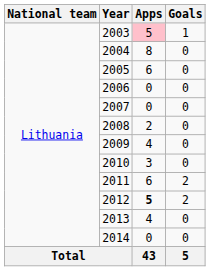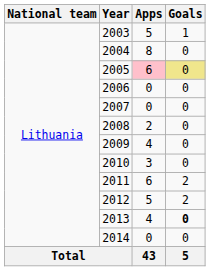 <table class="wikitable" style="text-align:center">
 <tr>
 <th>National team</th>
 <th>Year</th>
 <th>Apps</th>
 <th>Goals</th>
 </tr>
 <tr>
 <td rowspan="12"><a href='#'>Lithuania</a></td>
 <td>2003</td>
-<td style="background: pink;">5</td>
+<td>5</td>
 <td>1</td>
 </tr>
 <tr>
 <td>2004</td>
 <td>8</td>
 <td>0</td>
 </tr>
 <tr>
 <td>2005</td>
-<td>6</td>
-<td>0</td>
+<td style="background: pink;">6</td>
+<td style="background: khaki;">0</td>
 </tr>
 <tr>
 <td>2006</td>
 <td>0</td>
 <td>0</td>
 </tr>
 <tr>
 <td>2007</td>
 <td>0</td>
 <td>0</td>
 </tr>
 <tr>
 <td>2008</td>
 <td>2</td>
 <td>0</td>
 </tr>
 <tr>
 <td>2009</td>
 <td>4</td>
 <td>0</td>
 </tr>
 <tr>
 <td>2010</td>
 <td>3</td>
 <td>0</td>
 </tr>
 <tr>
 <td>2011</td>
 <td>6</td>
 <td>2</td>
 </tr>
 <tr>
 <td>2012</td>
-<td><strong>5</strong></td>
+<td>5</td>
 <td>2</td>
 </tr>
 <tr>
 <td>2013</td>
 <td>4</td>
-<td>0</td>
+<td><strong>0</strong></td>
 </tr>
 <tr>
 <td>2014</td>
 <td>0</td>
 <td>0</td>
 </tr>
 <tr>
 <th colspan="2">Total</th>
 <th>43</th>
 <th>5</th>
 </tr>
 </table>
